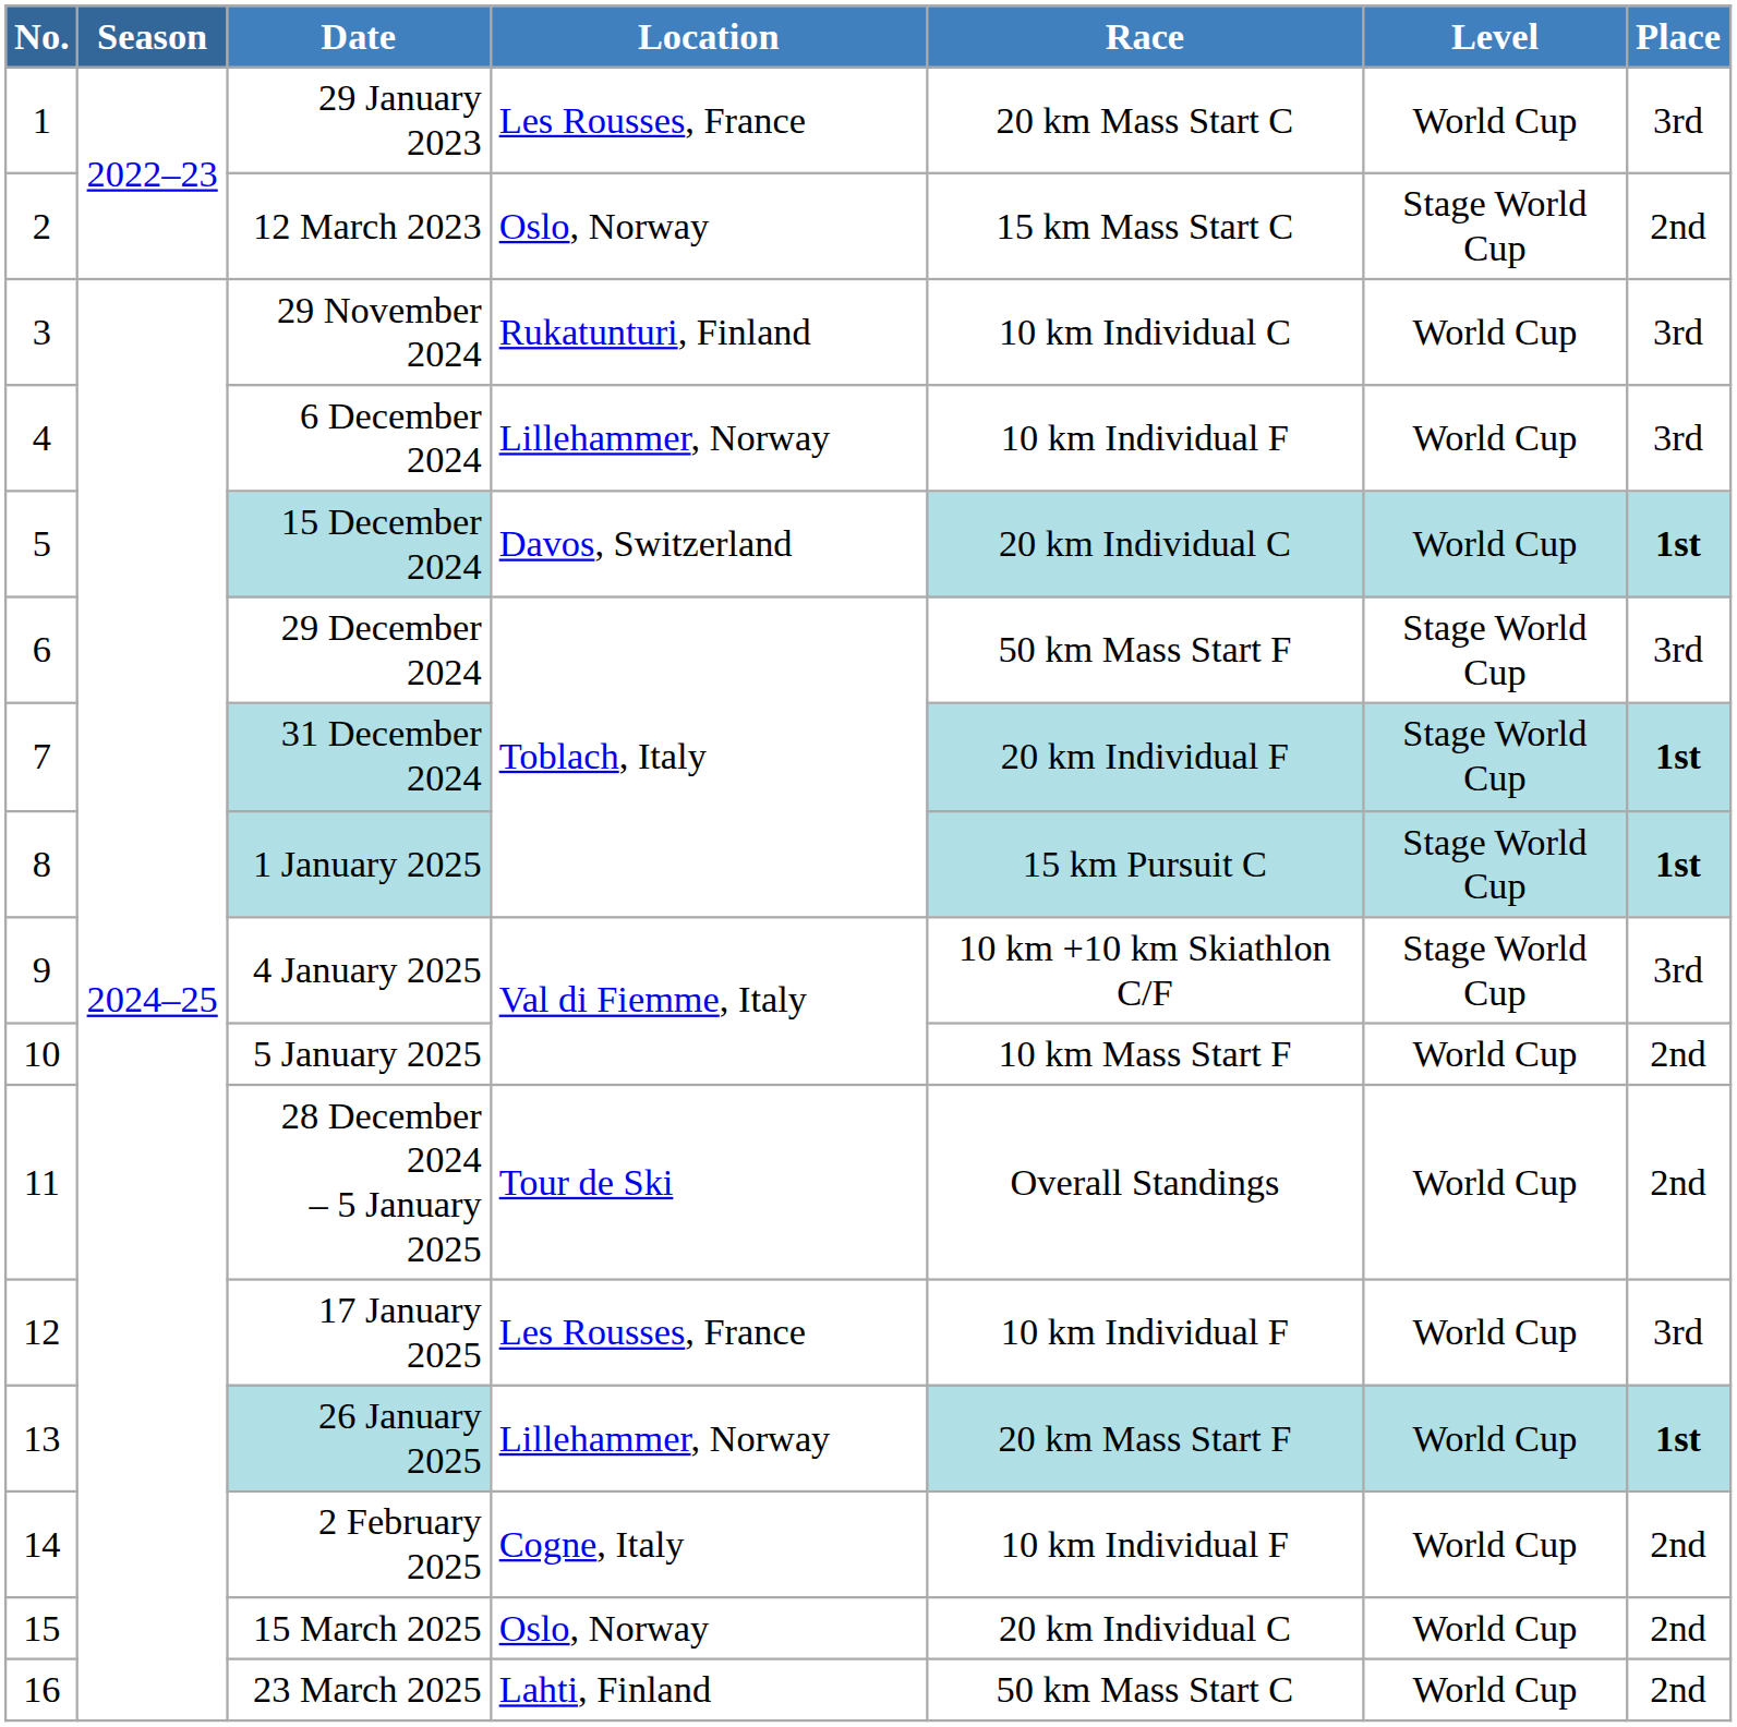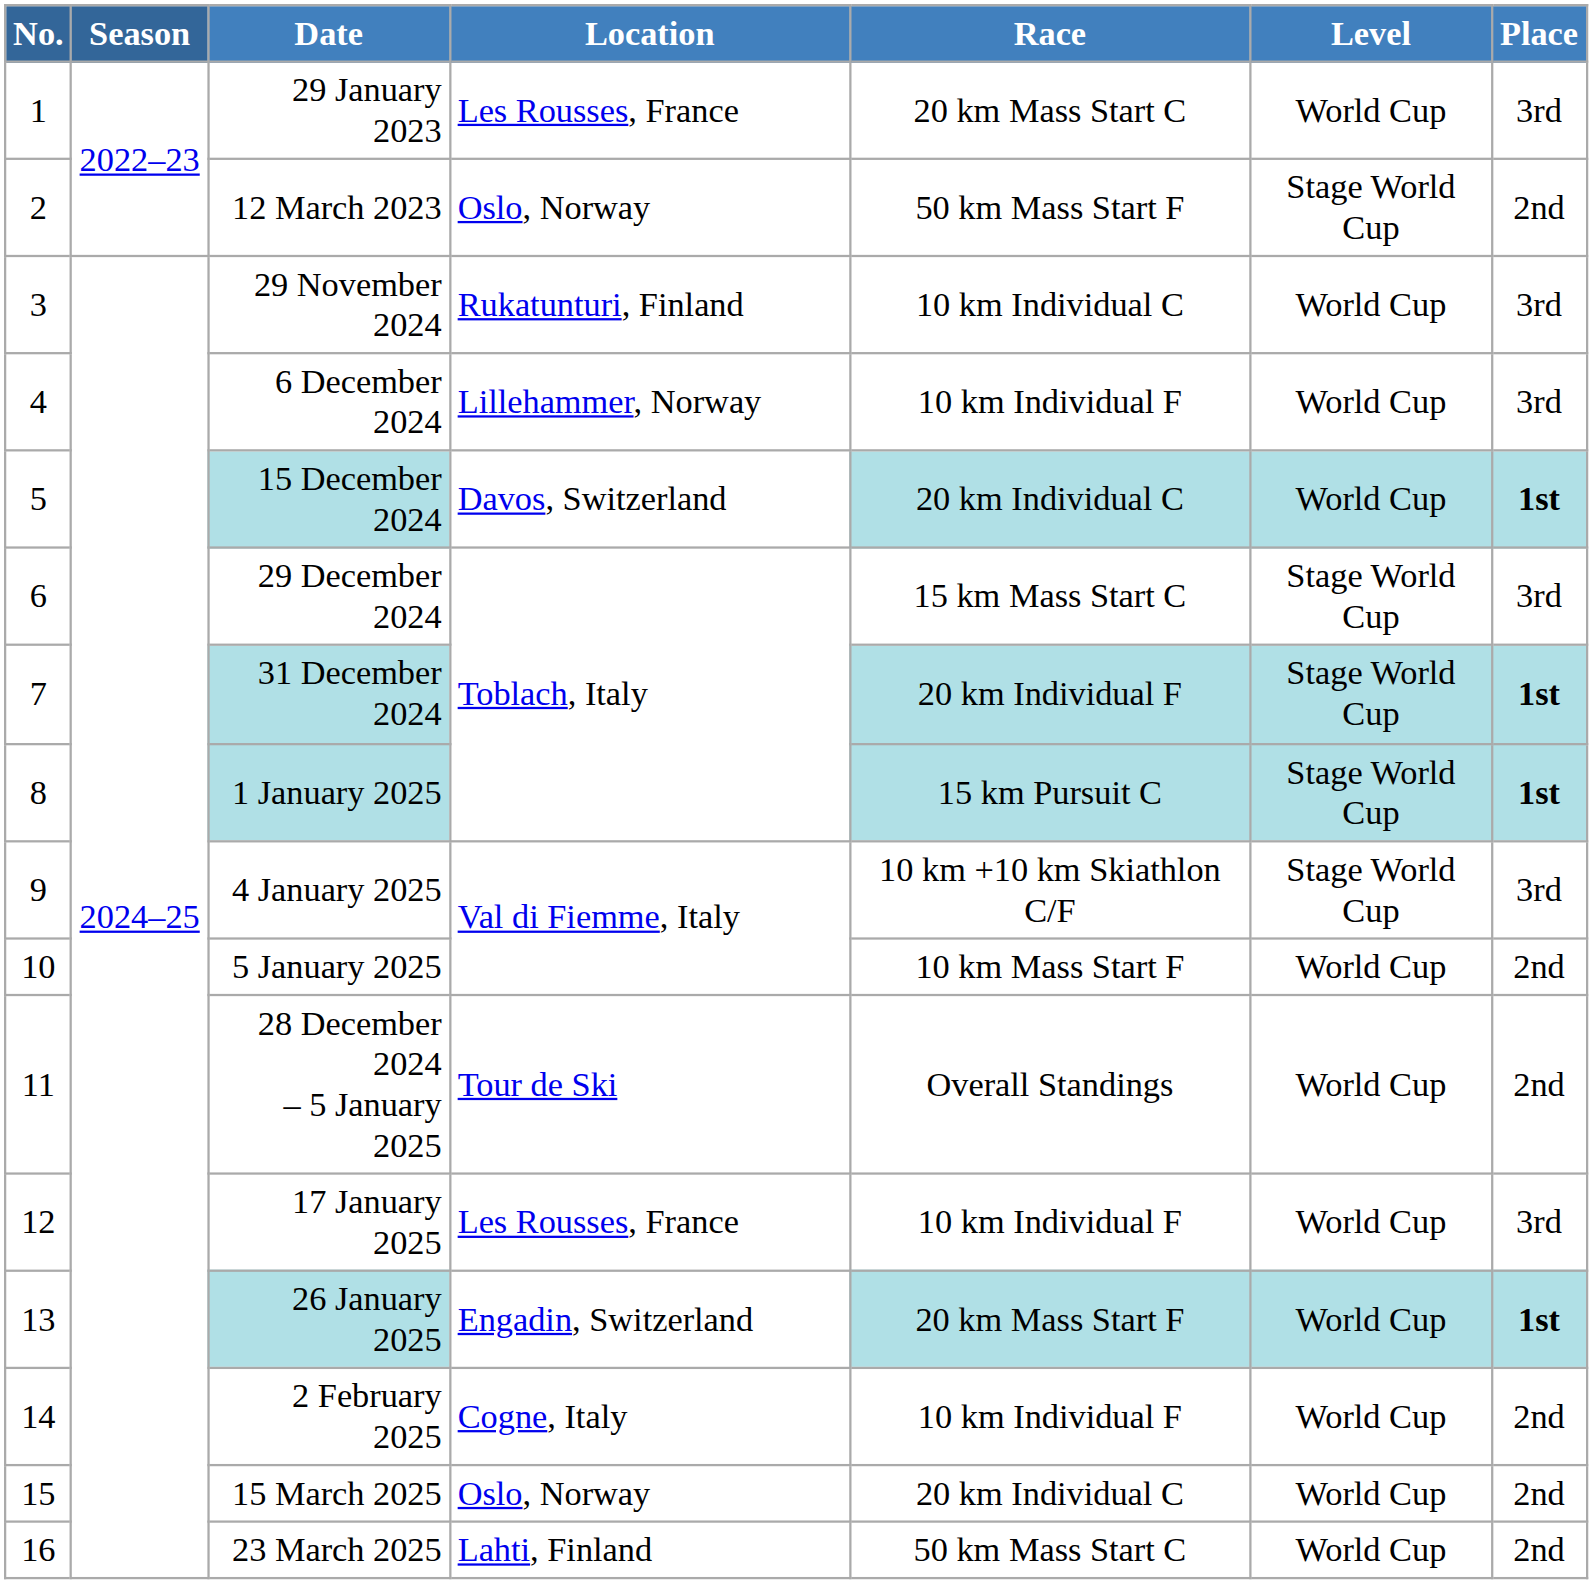 <table class="wikitable sortable" style="font-size:95%; text-align:center; border:grey solid 1px; border-collapse:collapse; background:#ffffff;">
 <tr style="background:#efefef;">
 <th style="background-color:#369; color:white;">No.</th>
 <th style="background-color:#369; color:white;">Season</th>
 <th style="background-color:#4180be; color:white; width:100px;">Date</th>
 <th style="background-color:#4180be; color:white; width:170px;">Location</th>
 <th style="background-color:#4180be; color:white; width:170px;">Race</th>
 <th style="background-color:#4180be; color:white; width:100px;">Level</th>
 <th style="background-color:#4180be; color:white;">Place</th>
 </tr>
 <tr>
 <td align=center>1</td>
 <td rowspan="2" align="center"><a href='#'>2022–23</a></td>
 <td align=right>29 January 2023</td>
 <td align=left> <a href='#'>Les Rousses</a>, France</td>
 <td>20 km Mass Start C</td>
 <td>World Cup</td>
 <td>3rd</td>
 </tr>
 <tr>
 <td align=center>2</td>
 <td align=right>12 March 2023</td>
 <td align=left> <a href='#'>Oslo</a>, Norway</td>
-<td>15 km Mass Start C</td>
+<td>50 km Mass Start F</td>
 <td>Stage World Cup</td>
 <td>2nd</td>
 </tr>
 <tr>
 <td align=center>3</td>
 <td rowspan="14" align="center"><a href='#'>2024–25</a></td>
 <td align=right>29 November 2024</td>
 <td align=left> <a href='#'>Rukatunturi</a>, Finland</td>
 <td>10 km Individual C</td>
 <td>World Cup</td>
 <td>3rd</td>
 </tr>
 <tr>
 <td align=center>4</td>
 <td align=right>6 December 2024</td>
 <td align=left> <a href='#'>Lillehammer</a>, Norway</td>
 <td>10 km Individual F</td>
 <td>World Cup</td>
 <td>3rd</td>
 </tr>
 <tr>
 <td align=center>5</td>
 <td bgcolor="#BOEOE6" align=right>15 December 2024</td>
 <td align=left> <a href='#'>Davos</a>, Switzerland</td>
 <td bgcolor="#BOEOE6">20 km Individual C</td>
 <td bgcolor="#BOEOE6">World Cup</td>
 <td bgcolor="#BOEOE6"><strong>1st</strong></td>
 </tr>
 <tr>
 <td align=center>6</td>
 <td align=right>29 December 2024</td>
 <td align=left rowspan="3"> <a href='#'>Toblach</a>, Italy</td>
-<td>50 km Mass Start F</td>
+<td>15 km Mass Start C</td>
 <td>Stage World Cup</td>
 <td>3rd</td>
 </tr>
 <tr>
 <td align=center>7</td>
 <td bgcolor="#BOEOE6" align="right">31 December 2024</td>
 <td bgcolor="#BOEOE6">20 km Individual F</td>
 <td bgcolor="#BOEOE6">Stage World Cup</td>
 <td bgcolor="#BOEOE6"><strong>1st</strong></td>
 </tr>
 <tr>
 <td align=center>8</td>
 <td bgcolor="#BOEOE6" align="right">1 January 2025</td>
 <td bgcolor="#BOEOE6">15 km Pursuit C</td>
 <td bgcolor="#BOEOE6">Stage World Cup</td>
 <td bgcolor="#BOEOE6"><strong>1st</strong></td>
 </tr>
 <tr>
 <td align=center>9</td>
 <td align=right>4 January 2025</td>
 <td align=left rowspan="2"> <a href='#'>Val di Fiemme</a>, Italy</td>
 <td>10 km +10 km Skiathlon C/F</td>
 <td>Stage World Cup</td>
 <td>3rd</td>
 </tr>
 <tr>
 <td align=center>10</td>
 <td align=right>5 January 2025</td>
 <td>10 km Mass Start F</td>
 <td>World Cup</td>
 <td>2nd</td>
 </tr>
 <tr>
 <td align=center>11</td>
 <td align=right>28 December 2024<br>– 5 January 2025</td>
 <td align=left> <a href='#'>Tour de Ski</a></td>
 <td>Overall Standings</td>
 <td>World Cup</td>
 <td>2nd</td>
 </tr>
 <tr>
 <td align=center>12</td>
 <td align=right>17 January 2025</td>
 <td align=left> <a href='#'>Les Rousses</a>, France</td>
 <td>10 km Individual F</td>
 <td>World Cup</td>
 <td>3rd</td>
 </tr>
 <tr>
 <td align=center>13</td>
 <td bgcolor="#BOEOE6" align=right>26 January 2025</td>
-<td align=left> <a href='#'>Lillehammer</a>, Norway</td>
+<td align=left> <a href='#'>Engadin</a>, Switzerland</td>
 <td bgcolor="#BOEOE6">20 km Mass Start F</td>
 <td bgcolor="#BOEOE6">World Cup</td>
 <td bgcolor="#BOEOE6"><strong>1st</strong></td>
 </tr>
 <tr>
 <td align=center>14</td>
 <td align=right>2 February 2025</td>
 <td align=left> <a href='#'>Cogne</a>, Italy</td>
 <td>10 km Individual F</td>
 <td>World Cup</td>
 <td>2nd</td>
 </tr>
 <tr>
 <td align=center>15</td>
 <td align=right>15 March 2025</td>
 <td align=left> <a href='#'>Oslo</a>, Norway</td>
 <td>20 km Individual C</td>
 <td>World Cup</td>
 <td>2nd</td>
 </tr>
 <tr>
 <td align=center>16</td>
 <td align=right>23 March 2025</td>
 <td align=left> <a href='#'>Lahti</a>, Finland</td>
 <td>50 km Mass Start C</td>
 <td>World Cup</td>
 <td>2nd</td>
 </tr>
 </table>
